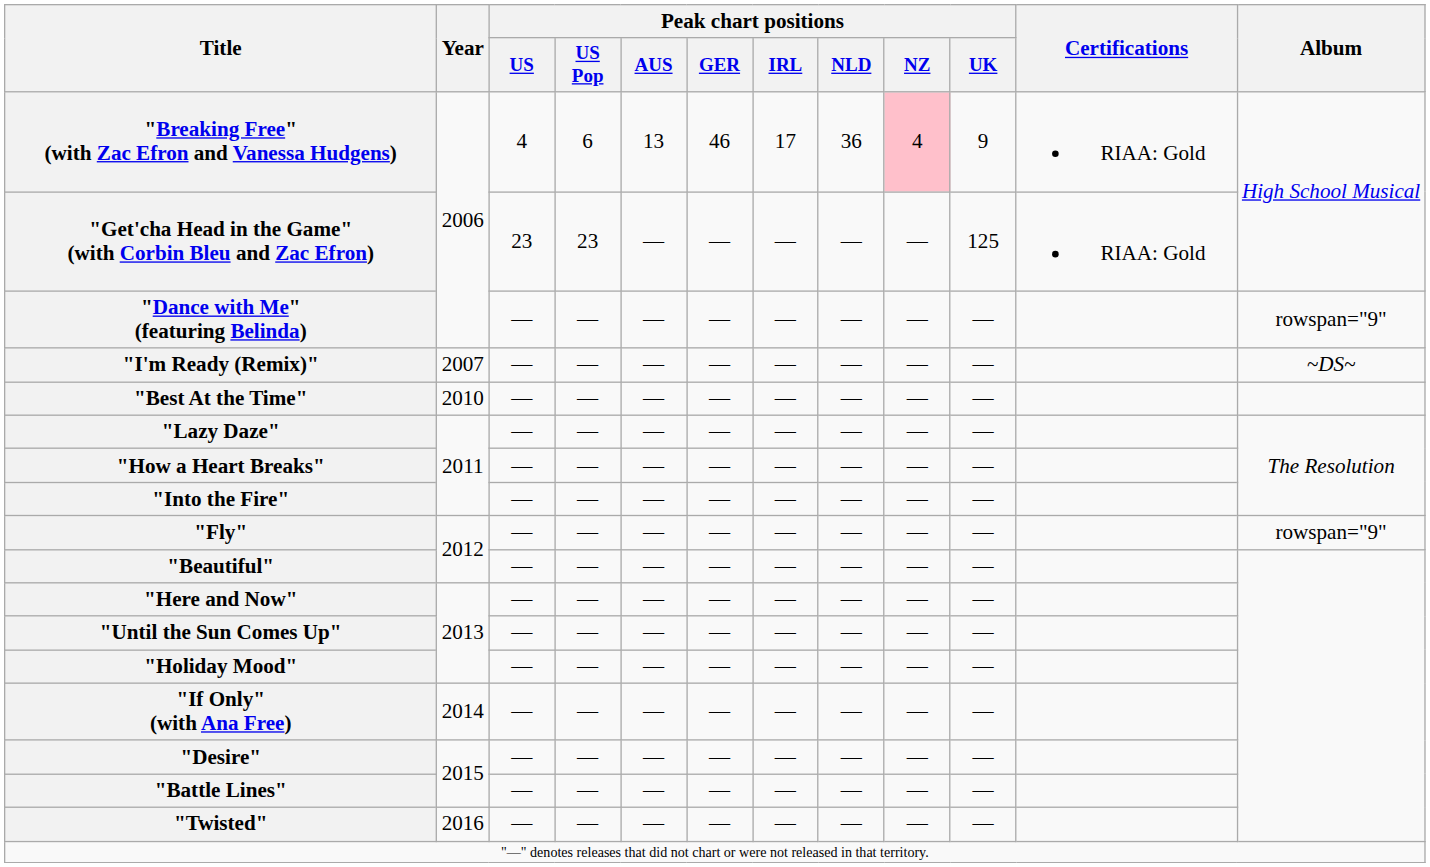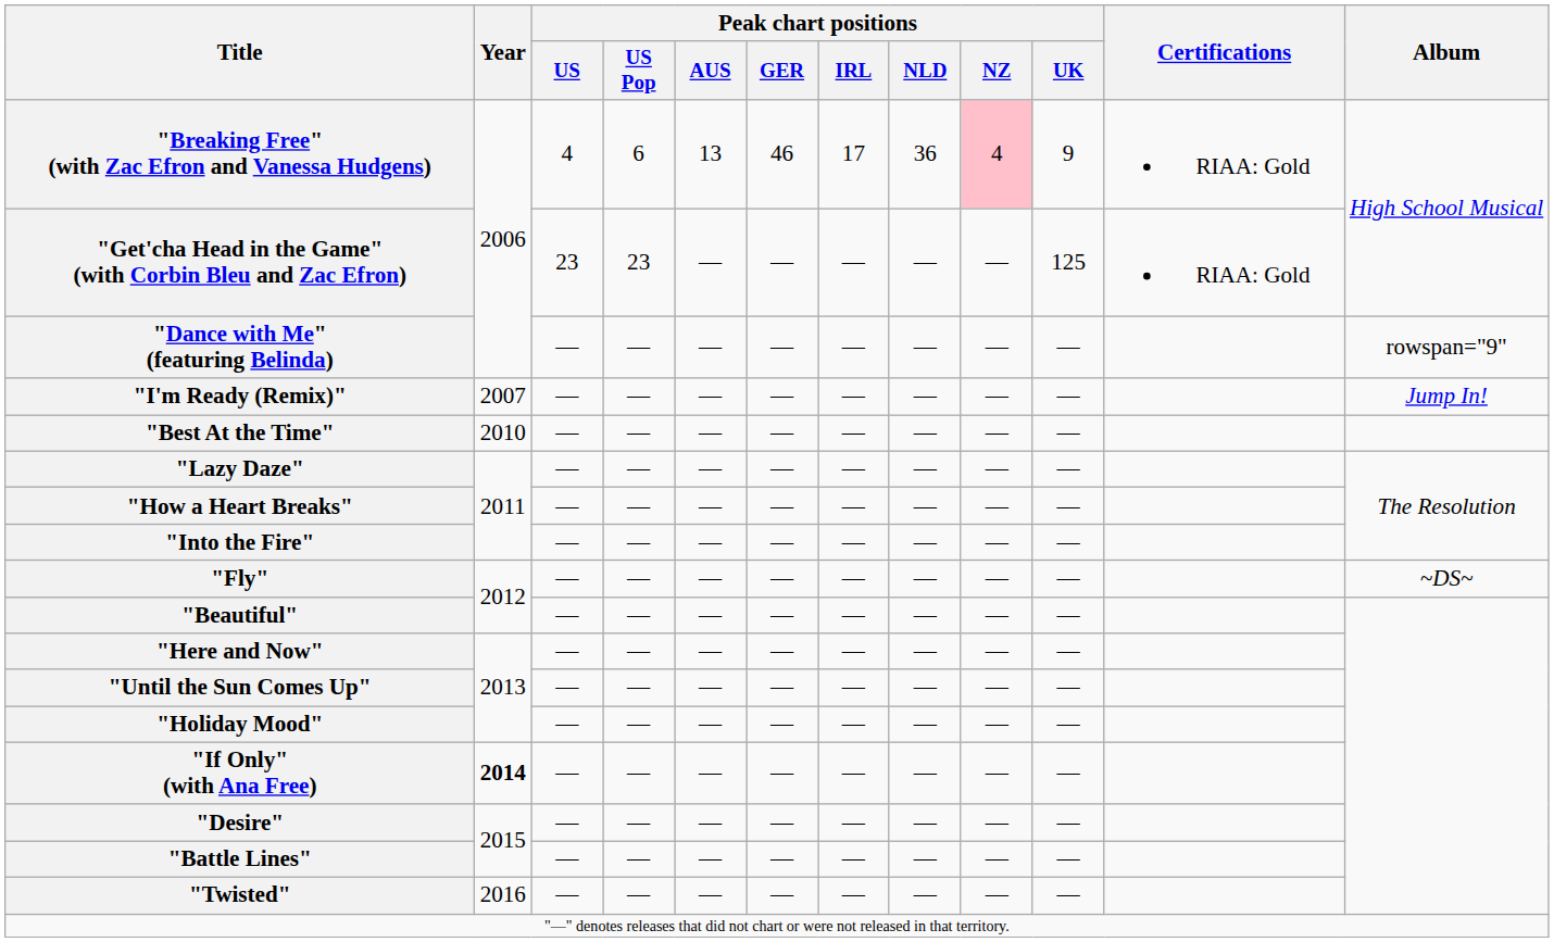 <table class="wikitable plainrowheaders" style="text-align:center;">
 <tr>
 <th scope="col" rowspan="2" style="width:20em;">Title</th>
 <th scope="col" rowspan="2">Year</th>
 <th scope="col" colspan="8">Peak chart positions</th>
 <th scope="col" rowspan="2" style="width:10em;"><a href='#'>Certifications</a></th>
 <th scope="col" rowspan="2">Album</th>
 </tr>
 <tr>
 <th scope="col" style="width:3em;font-size:90%;"><a href='#'>US</a><br></th>
 <th scope="col" style="width:3em;font-size:90%;"><a href='#'>US<br>Pop</a><br></th>
 <th scope="col" style="width:3em;font-size:90%;"><a href='#'>AUS</a><br></th>
 <th scope="col" style="width:3em;font-size:90%;"><a href='#'>GER</a><br></th>
 <th scope="col" style="width:3em;font-size:90%;"><a href='#'>IRL</a><br></th>
 <th scope="col" style="width:3em;font-size:90%;"><a href='#'>NLD</a><br></th>
 <th scope="col" style="width:3em;font-size:90%;"><a href='#'>NZ</a><br></th>
 <th scope="col" style="width:3em;font-size:90%;"><a href='#'>UK</a><br></th>
 </tr>
 <tr>
 <th scope="row">"<a href='#'>Breaking Free</a>"<br><span>(with <a href='#'>Zac Efron</a> and <a href='#'>Vanessa Hudgens</a>)</span></th>
 <td rowspan="3">2006</td>
 <td>4</td>
 <td>6</td>
 <td>13</td>
 <td>46</td>
 <td>17</td>
 <td>36</td>
 <td style="background: pink;">4</td>
 <td>9</td>
 <td><br><ul><li>RIAA: Gold</li></ul></td>
 <td rowspan="2"><em><a href='#'>High School Musical</a></em></td>
 </tr>
 <tr>
 <th scope="row">"Get'cha Head in the Game"<br><span>(with <a href='#'>Corbin Bleu</a> and <a href='#'>Zac Efron</a>)</span></th>
 <td>23</td>
 <td>23</td>
 <td>—</td>
 <td>—</td>
 <td>—</td>
 <td>—</td>
 <td>—</td>
 <td>125</td>
 <td><br><ul><li>RIAA: Gold</li></ul></td>
 </tr>
 <tr>
 <th scope="row">"<a href='#'>Dance with Me</a>"<br><span>(featuring <a href='#'>Belinda</a>)</span></th>
 <td>—</td>
 <td>—</td>
 <td>—</td>
 <td>—</td>
 <td>—</td>
 <td>—</td>
 <td>—</td>
 <td>—</td>
 <td></td>
 <td>rowspan="9" </td>
 </tr>
 <tr>
 <th scope="row">"I'm Ready (Remix)"</th>
 <td>2007</td>
 <td>—</td>
 <td>—</td>
 <td>—</td>
 <td>—</td>
 <td>—</td>
 <td>—</td>
 <td>—</td>
 <td>—</td>
 <td></td>
-<td><em>~DS~</em></td>
+<td><em><a href='#'>Jump In!</a></em></td>
 </tr>
 <tr>
 <th scope="row">"Best At the Time"</th>
 <td>2010</td>
 <td>—</td>
 <td>—</td>
 <td>—</td>
 <td>—</td>
 <td>—</td>
 <td>—</td>
 <td>—</td>
 <td>—</td>
 <td></td>
 <td></td>
 </tr>
 <tr>
 <th scope="row">"Lazy Daze"</th>
 <td rowspan="3">2011</td>
 <td>—</td>
 <td>—</td>
 <td>—</td>
 <td>—</td>
 <td>—</td>
 <td>—</td>
 <td>—</td>
 <td>—</td>
 <td></td>
 <td rowspan="3"><em>The Resolution</em></td>
 </tr>
 <tr>
 <th scope="row">"How a Heart Breaks"</th>
 <td>—</td>
 <td>—</td>
 <td>—</td>
 <td>—</td>
 <td>—</td>
 <td>—</td>
 <td>—</td>
 <td>—</td>
 <td></td>
 </tr>
 <tr>
 <th scope="row">"Into the Fire"</th>
 <td>—</td>
 <td>—</td>
 <td>—</td>
 <td>—</td>
 <td>—</td>
 <td>—</td>
 <td>—</td>
 <td>—</td>
 <td></td>
 </tr>
 <tr>
 <th scope="row">"Fly"</th>
 <td rowspan="2">2012</td>
 <td>—</td>
 <td>—</td>
 <td>—</td>
 <td>—</td>
 <td>—</td>
 <td>—</td>
 <td>—</td>
 <td>—</td>
 <td></td>
-<td>rowspan="9" </td>
+<td><em>~DS~</em></td>
 </tr>
 <tr>
 <th scope="row">"Beautiful"</th>
 <td>—</td>
 <td>—</td>
 <td>—</td>
 <td>—</td>
 <td>—</td>
 <td>—</td>
 <td>—</td>
 <td>—</td>
 <td></td>
 </tr>
 <tr>
 <th scope="row">"Here and Now"</th>
 <td rowspan="3">2013</td>
 <td>—</td>
 <td>—</td>
 <td>—</td>
 <td>—</td>
 <td>—</td>
 <td>—</td>
 <td>—</td>
 <td>—</td>
 <td></td>
 </tr>
 <tr>
 <th scope="row">"Until the Sun Comes Up"</th>
 <td>—</td>
 <td>—</td>
 <td>—</td>
 <td>—</td>
 <td>—</td>
 <td>—</td>
 <td>—</td>
 <td>—</td>
 <td></td>
 </tr>
 <tr>
 <th scope="row">"Holiday Mood"</th>
 <td>—</td>
 <td>—</td>
 <td>—</td>
 <td>—</td>
 <td>—</td>
 <td>—</td>
 <td>—</td>
 <td>—</td>
 <td></td>
 </tr>
 <tr>
 <th scope="row">"If Only"<br><span>(with <a href='#'>Ana Free</a>)</span></th>
-<td>2014</td>
+<td><strong>2014</strong></td>
 <td>—</td>
 <td>—</td>
 <td>—</td>
 <td>—</td>
 <td>—</td>
 <td>—</td>
 <td>—</td>
 <td>—</td>
 <td></td>
 </tr>
 <tr>
 <th scope="row">"Desire"</th>
 <td rowspan="2">2015</td>
 <td>—</td>
 <td>—</td>
 <td>—</td>
 <td>—</td>
 <td>—</td>
 <td>—</td>
 <td>—</td>
 <td>—</td>
 <td></td>
 </tr>
 <tr>
 <th scope="row">"Battle Lines"</th>
 <td>—</td>
 <td>—</td>
 <td>—</td>
 <td>—</td>
 <td>—</td>
 <td>—</td>
 <td>—</td>
 <td>—</td>
 <td></td>
 </tr>
 <tr>
 <th scope="row">"Twisted"</th>
 <td>2016</td>
 <td>—</td>
 <td>—</td>
 <td>—</td>
 <td>—</td>
 <td>—</td>
 <td>—</td>
 <td>—</td>
 <td>—</td>
 <td></td>
 </tr>
 <tr>
 <td align="center" colspan="15" style="font-size:8pt">"—" denotes releases that did not chart or were not released in that territory.</td>
 </tr>
 </table>
